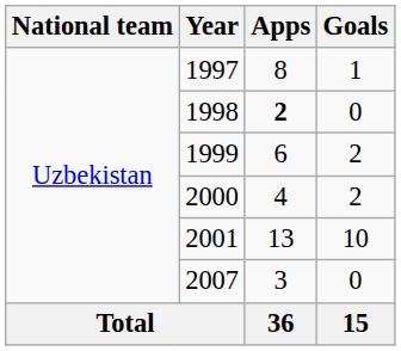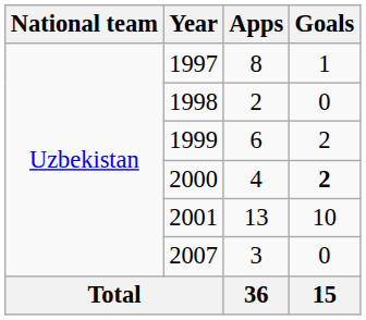 <table class="wikitable" style="text-align:center">
 <tr>
 <th>National team</th>
 <th>Year</th>
 <th>Apps</th>
 <th>Goals</th>
 </tr>
 <tr>
 <td rowspan="6"><a href='#'>Uzbekistan</a></td>
 <td>1997</td>
 <td>8</td>
 <td>1</td>
 </tr>
 <tr>
 <td>1998</td>
-<td><strong>2</strong></td>
+<td>2</td>
 <td>0</td>
 </tr>
 <tr>
 <td>1999</td>
 <td>6</td>
 <td>2</td>
 </tr>
 <tr>
 <td>2000</td>
 <td>4</td>
-<td>2</td>
+<td><strong>2</strong></td>
 </tr>
 <tr>
 <td>2001</td>
 <td>13</td>
 <td>10</td>
 </tr>
 <tr>
 <td>2007</td>
 <td>3</td>
 <td>0</td>
 </tr>
 <tr>
 <th colspan="2">Total</th>
 <th>36</th>
 <th>15</th>
 </tr>
 </table>
